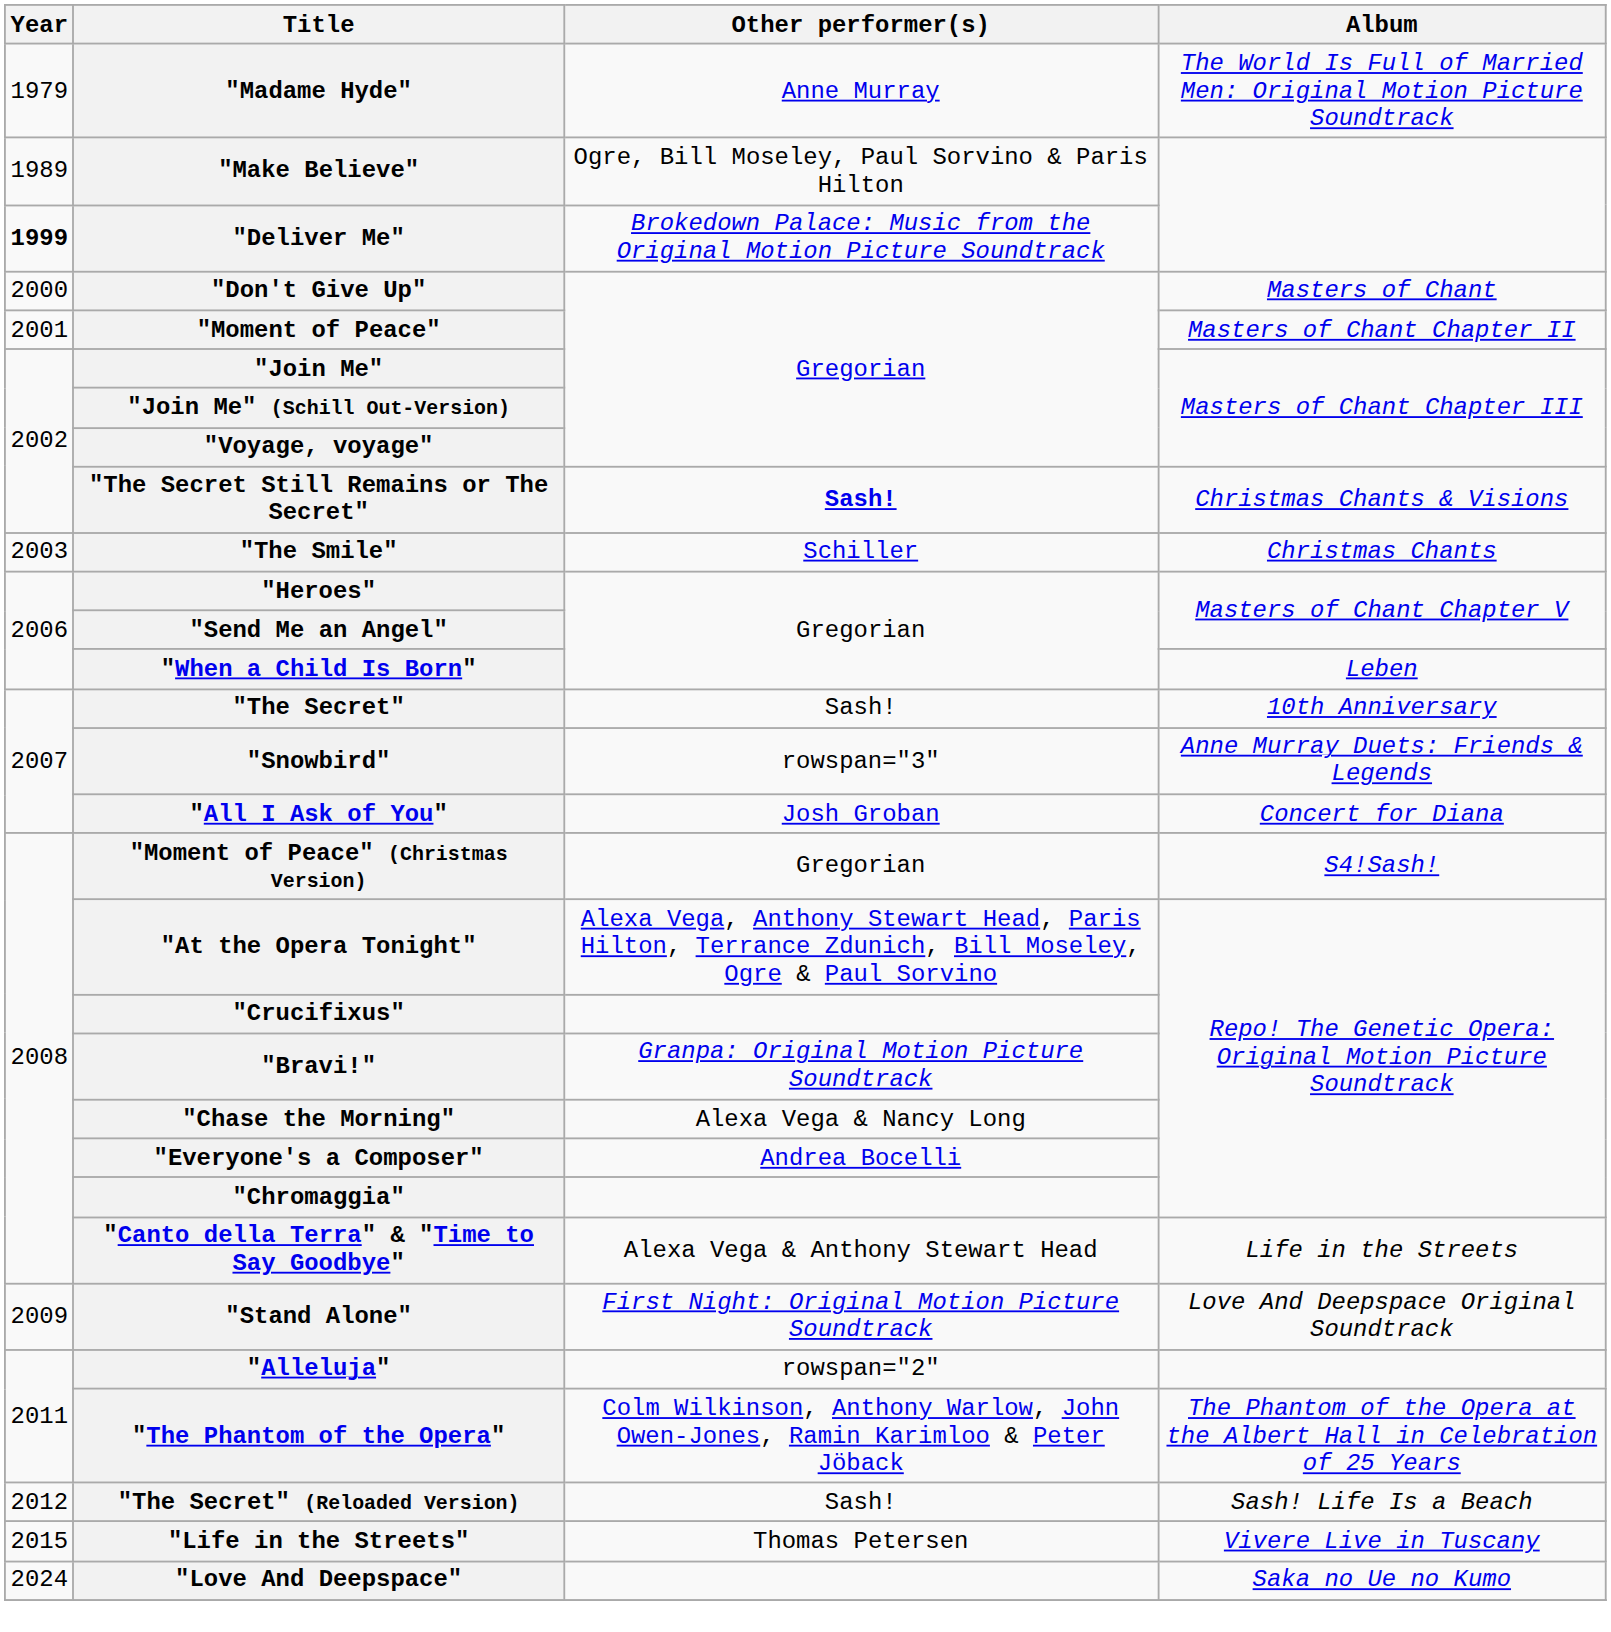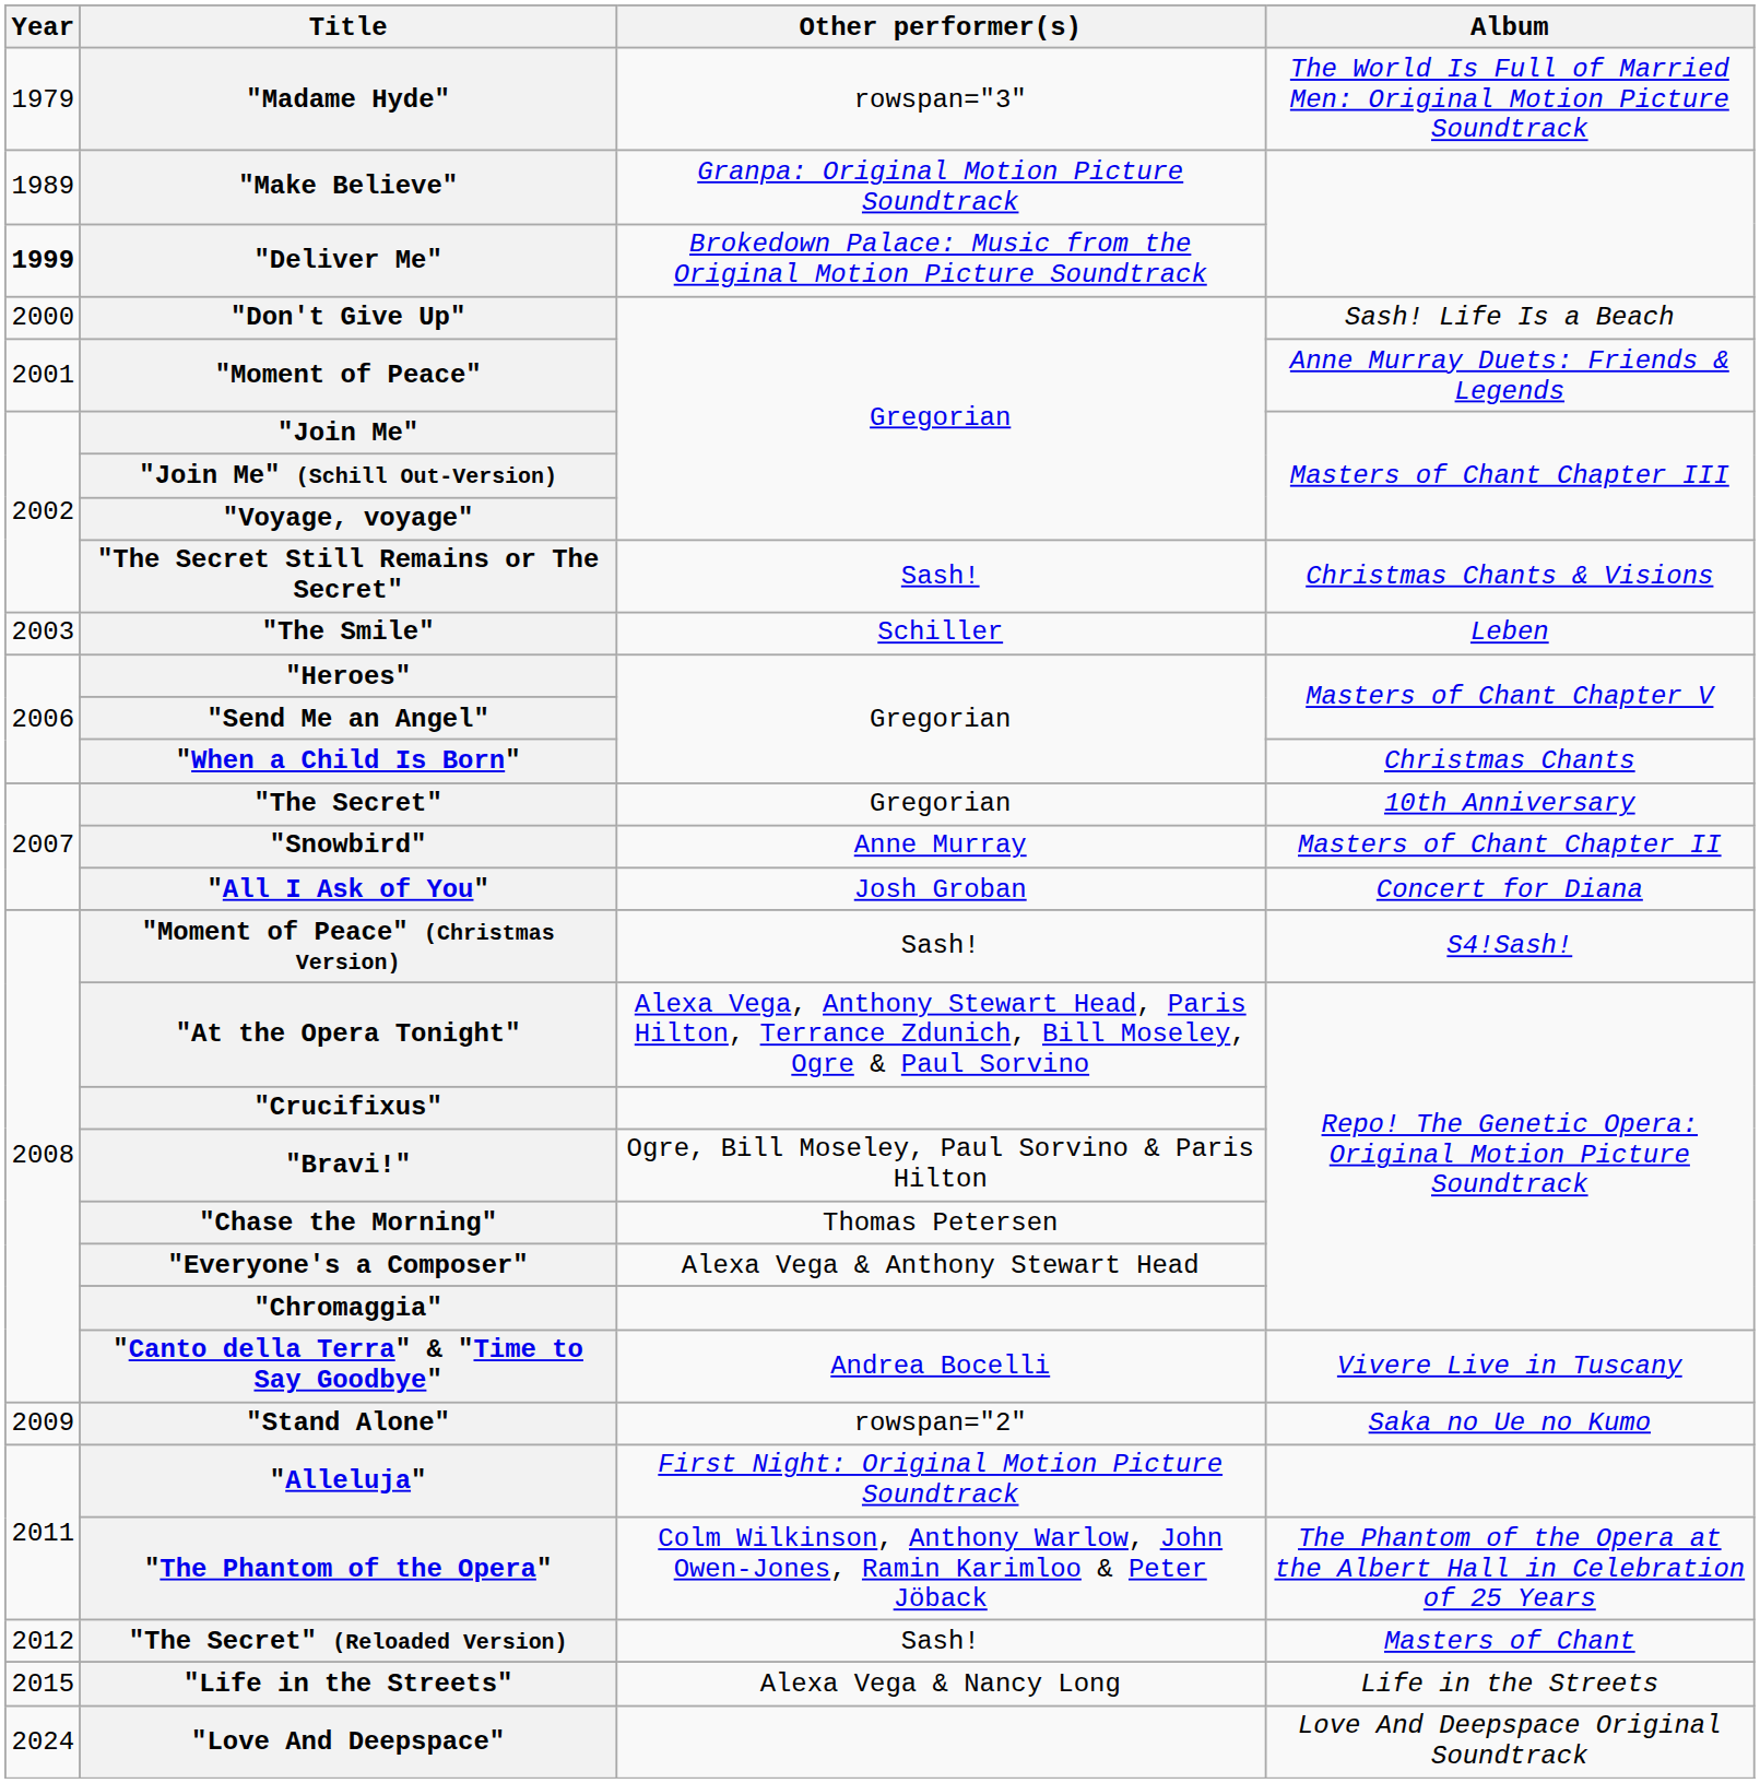 <table class="wikitable plainrowheaders" style="text-align:center;">
 <tr>
 <th scope="col">Year</th>
 <th scope="col" style="width:20em;">Title</th>
 <th scope="col">Other performer(s)</th>
 <th scope="col">Album</th>
 </tr>
 <tr>
 <td>1979</td>
 <th scope="row">"Madame Hyde"</th>
-<td><a href='#'>Anne Murray</a></td>
+<td>rowspan="3"<small></small></td>
 <td><em><a href='#'>The World Is Full of Married Men: Original Motion Picture Soundtrack</a></em></td>
 </tr>
 <tr>
 <td>1989</td>
 <th scope="row">"Make Believe"</th>
-<td>Ogre, Bill Moseley, Paul Sorvino & Paris Hilton</td>
+<td><em><a href='#'>Granpa: Original Motion Picture Soundtrack</a></em></td>
 </tr>
 <tr>
 <td><strong>1999</strong></td>
 <th scope="row">"Deliver Me"</th>
 <td><em><a href='#'>Brokedown Palace: Music from the Original Motion Picture Soundtrack</a></em></td>
 </tr>
 <tr>
 <td>2000</td>
 <th scope="row">"Don't Give Up"</th>
 <td rowspan="5"><a href='#'>Gregorian</a></td>
-<td><em><a href='#'>Masters of Chant</a></em></td>
+<td><em>Sash! Life Is a Beach</em></td>
 </tr>
 <tr>
 <td>2001</td>
 <th scope="row">"Moment of Peace"</th>
-<td><em><a href='#'>Masters of Chant Chapter II</a></em></td>
+<td><em><a href='#'>Anne Murray Duets: Friends & Legends</a></em></td>
 </tr>
 <tr>
 <td rowspan="4">2002</td>
 <th scope="row">"Join Me"</th>
 <td rowspan="3"><em><a href='#'>Masters of Chant Chapter III</a></em></td>
 </tr>
 <tr>
 <th scope="row">"Join Me" <small>(Schill Out-Version)</small></th>
 </tr>
 <tr>
 <th scope="row">"Voyage, voyage"</th>
 </tr>
 <tr>
 <th scope="row">"The Secret Still Remains or The Secret"</th>
-<td><strong><a href='#'>Sash!</a></strong></td>
+<td><a href='#'>Sash!</a></td>
 <td><em><a href='#'>Christmas Chants & Visions</a></em></td>
 </tr>
 <tr>
 <td>2003</td>
 <th scope="row">"The Smile"</th>
 <td><a href='#'>Schiller</a></td>
-<td><em><a href='#'>Christmas Chants</a></em></td>
+<td><em><a href='#'>Leben</a></em></td>
 </tr>
 <tr>
 <td rowspan="3">2006</td>
 <th scope="row">"Heroes"</th>
 <td rowspan="3">Gregorian</td>
 <td rowspan="2"><em><a href='#'>Masters of Chant Chapter V</a></em></td>
 </tr>
 <tr>
 <th scope="row">"Send Me an Angel"</th>
 </tr>
 <tr>
 <th scope="row">"<a href='#'>When a Child Is Born</a>"</th>
-<td><em><a href='#'>Leben</a></em></td>
+<td><em><a href='#'>Christmas Chants</a></em></td>
 </tr>
 <tr>
 <td rowspan="3">2007</td>
 <th scope="row">"The Secret"</th>
-<td>Sash!</td>
+<td>Gregorian</td>
 <td><em><a href='#'>10th Anniversary</a></em></td>
 </tr>
 <tr>
 <th scope="row">"Snowbird"</th>
-<td>rowspan="3"<small></small></td>
-<td><em><a href='#'>Anne Murray Duets: Friends & Legends</a></em></td>
+<td><a href='#'>Anne Murray</a></td>
+<td><em><a href='#'>Masters of Chant Chapter II</a></em></td>
 </tr>
 <tr>
 <th scope="row">"<a href='#'>All I Ask of You</a>"</th>
 <td><a href='#'>Josh Groban</a></td>
 <td><em><a href='#'>Concert for Diana</a></em></td>
 </tr>
 <tr>
 <td rowspan="8">2008</td>
 <th scope="row">"Moment of Peace" <small>(Christmas Version)</small></th>
-<td>Gregorian</td>
+<td>Sash!</td>
 <td><em><a href='#'>S4!Sash!</a></em></td>
 </tr>
 <tr>
 <th scope="row">"At the Opera Tonight"</th>
 <td><a href='#'>Alexa Vega</a>, <a href='#'>Anthony Stewart Head</a>, <a href='#'>Paris Hilton</a>, <a href='#'>Terrance Zdunich</a>, <a href='#'>Bill Moseley</a>, <a href='#'>Ogre</a> & <a href='#'>Paul Sorvino</a></td>
 <td rowspan="6"><em><a href='#'>Repo! The Genetic Opera: Original Motion Picture Soundtrack</a></em></td>
 </tr>
 <tr>
 <th scope="row">"Crucifixus"</th>
 <td><small></small></td>
 </tr>
 <tr>
 <th scope="row">"Bravi!"</th>
-<td><em><a href='#'>Granpa: Original Motion Picture Soundtrack</a></em></td>
+<td>Ogre, Bill Moseley, Paul Sorvino & Paris Hilton</td>
 </tr>
 <tr>
 <th scope="row">"Chase the Morning"</th>
-<td>Alexa Vega & Nancy Long</td>
+<td>Thomas Petersen</td>
 </tr>
 <tr>
 <th scope="row">"Everyone's a Composer"</th>
-<td><a href='#'>Andrea Bocelli</a></td>
+<td>Alexa Vega & Anthony Stewart Head</td>
 </tr>
 <tr>
 <th scope="row">"Chromaggia"</th>
 <td><small></small></td>
 </tr>
 <tr>
 <th scope="row">"<a href='#'>Canto della Terra</a>" & "<a href='#'>Time to Say Goodbye</a>"</th>
-<td>Alexa Vega & Anthony Stewart Head</td>
-<td><em>Life in the Streets</em></td>
+<td><a href='#'>Andrea Bocelli</a></td>
+<td><em><a href='#'>Vivere Live in Tuscany</a></em></td>
 </tr>
 <tr>
 <td>2009</td>
 <th scope="row">"Stand Alone"</th>
-<td><em><a href='#'>First Night: Original Motion Picture Soundtrack</a></em></td>
-<td><em>Love And Deepspace Original Soundtrack</em></td>
+<td>rowspan="2"<small></small></td>
+<td><em><a href='#'>Saka no Ue no Kumo</a></em></td>
 </tr>
 <tr>
 <td rowspan="2">2011</td>
 <th scope="row">"<a href='#'>Alleluja</a>"</th>
-<td>rowspan="2"<small></small></td>
+<td><em><a href='#'>First Night: Original Motion Picture Soundtrack</a></em></td>
 </tr>
 <tr>
 <th scope="row">"<a href='#'>The Phantom of the Opera</a>"</th>
 <td><a href='#'>Colm Wilkinson</a>, <a href='#'>Anthony Warlow</a>, <a href='#'>John Owen-Jones</a>, <a href='#'>Ramin Karimloo</a> & <a href='#'>Peter Jöback</a></td>
 <td><em><a href='#'>The Phantom of the Opera at the Albert Hall in Celebration of 25 Years</a></em></td>
 </tr>
 <tr>
 <td>2012</td>
 <th scope="row">"The Secret" <small>(Reloaded Version)</small></th>
 <td>Sash!</td>
-<td><em>Sash! Life Is a Beach</em></td>
+<td><em><a href='#'>Masters of Chant</a></em></td>
 </tr>
 <tr>
 <td>2015</td>
 <th scope="row">"Life in the Streets"</th>
-<td>Thomas Petersen</td>
-<td><em><a href='#'>Vivere Live in Tuscany</a></em></td>
+<td>Alexa Vega & Nancy Long</td>
+<td><em>Life in the Streets</em></td>
 </tr>
 <tr>
 <td>2024</td>
 <th scope="row">"Love And Deepspace"</th>
 <td><small></small></td>
-<td><em><a href='#'>Saka no Ue no Kumo</a></em></td>
+<td><em>Love And Deepspace Original Soundtrack</em></td>
 </tr>
 <tr>
 </tr>
 </table>
